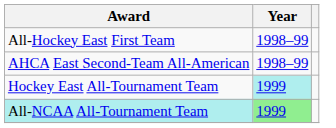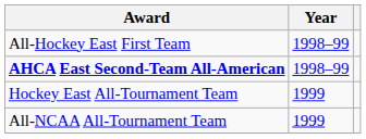 <table class="wikitable">
 <tr>
 <th>Award</th>
 <th>Year</th>
 <th></th>
 </tr>
 <tr>
 <td>All-<a href='#'>Hockey East</a> <a href='#'>First Team</a></td>
 <td><a href='#'>1998–99</a></td>
 <td></td>
 </tr>
 <tr>
-<td><a href='#'>AHCA</a> <a href='#'>East Second-Team All-American</a></td>
+<td><strong><a href='#'>AHCA</a> <a href='#'>East Second-Team All-American</a></strong></td>
 <td><a href='#'>1998–99</a></td>
 <td></td>
 </tr>
 <tr>
 <td><a href='#'>Hockey East</a> <a href='#'>All-Tournament Team</a></td>
-<td style="background: paleturquoise;"><a href='#'>1999</a></td>
+<td><a href='#'>1999</a></td>
 <td></td>
 </tr>
 <tr>
-<td style="background: paleturquoise;">All-<a href='#'>NCAA</a> <a href='#'>All-Tournament Team</a></td>
-<td style="background: lightgreen;"><a href='#'>1999</a></td>
+<td>All-<a href='#'>NCAA</a> <a href='#'>All-Tournament Team</a></td>
+<td><a href='#'>1999</a></td>
 <td></td>
 </tr>
 <tr>
 </tr>
 </table>
